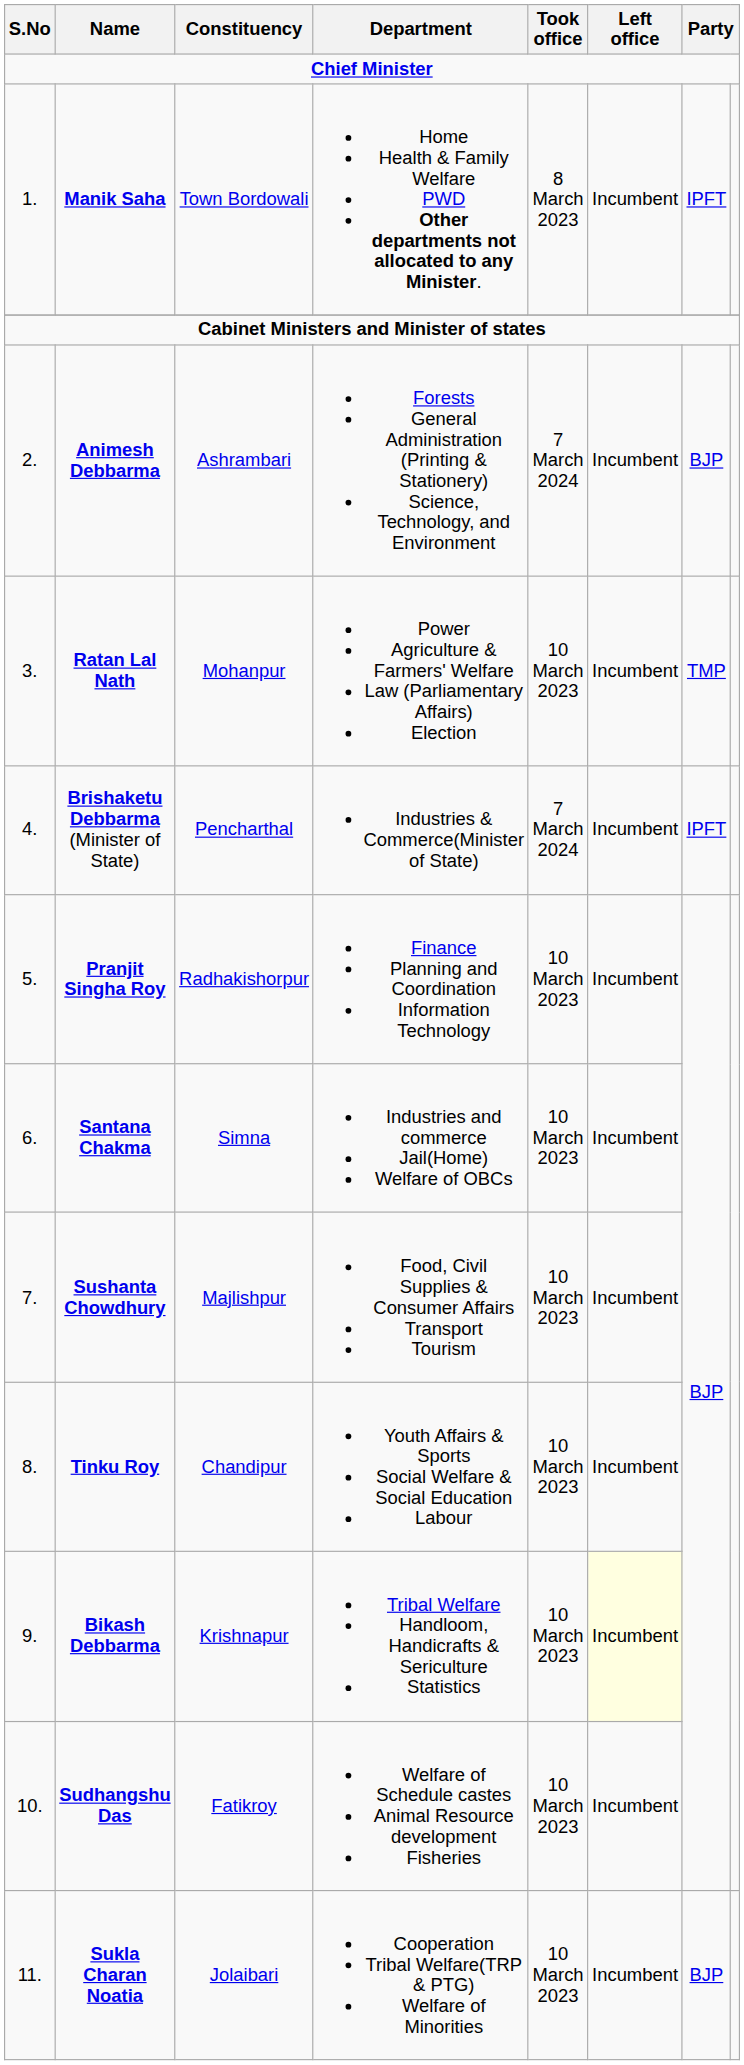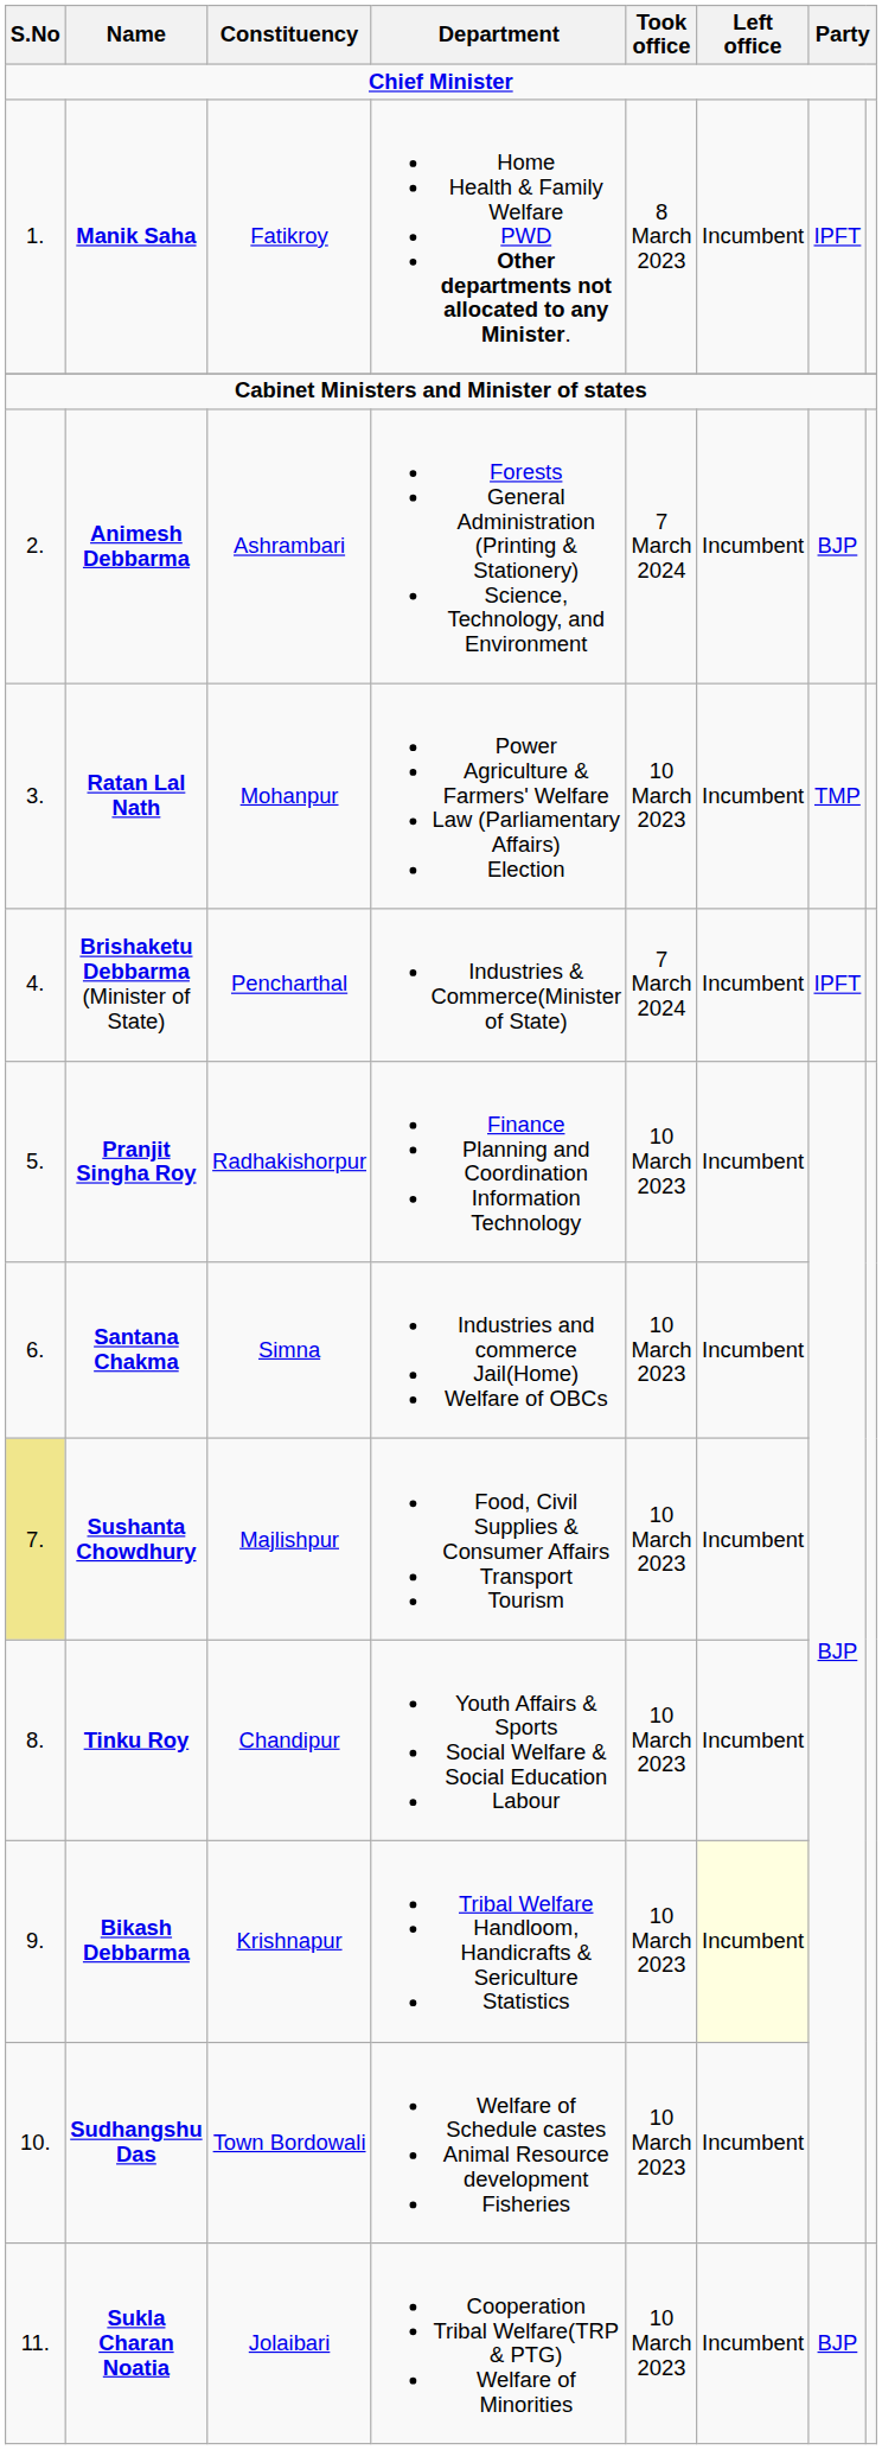 <table class="wikitable sortable" style="text-align:center;">
 <tr>
 <th>S.No</th>
 <th>Name</th>
 <th>Constituency</th>
 <th>Department</th>
 <th>Took office</th>
 <th>Left office</th>
 <th colspan="2" scope="col">Party</th>
 </tr>
 <tr>
 <td style="text-align: center;" colspan=8><strong><a href='#'>Chief Minister</a></strong></td>
 </tr>
 <tr>
 <td>1.</td>
 <td><strong><a href='#'>Manik Saha</a></strong></td>
-<td><a href='#'>Town Bordowali</a></td>
+<td><a href='#'>Fatikroy</a></td>
 <td><br><ul><li>Home</li><li>Health & Family Welfare</li><li><a href='#'>PWD</a></li><li><strong>Other departments not allocated to any Minister</strong>.</li></ul></td>
 <td>8 March 2023</td>
 <td>Incumbent</td>
 <td><a href='#'>IPFT</a></td>
 <td width="4px"></td>
 </tr>
 <tr>
 </tr>
 <tr>
 <td style="text-align: center;" colspan=8><strong>Cabinet Ministers and Minister of states</strong></td>
 </tr>
 <tr>
 <td>2.</td>
 <td><strong><a href='#'>Animesh Debbarma</a></strong></td>
 <td><a href='#'>Ashrambari</a></td>
 <td><br><ul><li><a href='#'>Forests</a></li><li>General Administration (Printing & Stationery)</li><li>Science, Technology, and Environment</li></ul></td>
 <td>7 March 2024</td>
 <td>Incumbent</td>
 <td><a href='#'>BJP</a></td>
 <td rowspan=1 width="4px"></td>
 </tr>
 <tr>
 <td>3.</td>
 <td><strong><a href='#'>Ratan Lal Nath</a></strong></td>
 <td><a href='#'>Mohanpur</a></td>
 <td><br><ul><li>Power</li><li>Agriculture & Farmers' Welfare</li><li>Law (Parliamentary Affairs)</li><li>Election</li></ul></td>
 <td>10 March 2023</td>
 <td>Incumbent</td>
 <td rowspan="1"><a href='#'>TMP</a></td>
 <td rowspan=1 width="4px"></td>
 </tr>
 <tr>
 <td>4.</td>
 <td><strong><a href='#'>Brishaketu Debbarma</a></strong><br>(Minister of State)</td>
 <td><a href='#'>Pencharthal</a></td>
 <td><br><ul><li>Industries & Commerce(Minister of State)</li></ul></td>
 <td>7 March 2024</td>
 <td>Incumbent</td>
 <td><a href='#'>IPFT</a></td>
 <td rowspan=1 width="4px"></td>
 </tr>
 <tr>
 <td>5.</td>
 <td><strong><a href='#'>Pranjit Singha Roy</a></strong></td>
 <td><a href='#'>Radhakishorpur</a></td>
 <td><br><ul><li><a href='#'>Finance</a></li><li>Planning and Coordination</li><li>Information Technology</li></ul></td>
 <td>10 March 2023</td>
 <td>Incumbent</td>
 <td rowspan=6><a href='#'>BJP</a></td>
 <td rowspan=6 width="4px"></td>
 </tr>
 <tr>
 <td>6.</td>
 <td><strong><a href='#'>Santana Chakma</a></strong></td>
 <td><a href='#'>Simna</a></td>
 <td><br><ul><li>Industries and commerce</li><li>Jail(Home)</li><li>Welfare of OBCs</li></ul></td>
 <td>10 March 2023</td>
 <td>Incumbent</td>
 </tr>
 <tr>
-<td>7.</td>
+<td style="background: khaki;">7.</td>
 <td><strong><a href='#'>Sushanta Chowdhury</a></strong></td>
 <td><a href='#'>Majlishpur</a></td>
 <td><br><ul><li>Food, Civil Supplies & Consumer Affairs</li><li>Transport</li><li>Tourism</li></ul></td>
 <td>10 March 2023</td>
 <td>Incumbent</td>
 </tr>
 <tr>
 <td>8.</td>
 <td><strong><a href='#'>Tinku Roy</a></strong></td>
 <td><a href='#'>Chandipur</a></td>
 <td><br><ul><li>Youth Affairs & Sports</li><li>Social Welfare & Social Education</li><li>Labour</li></ul></td>
 <td>10 March 2023</td>
 <td>Incumbent</td>
 </tr>
 <tr>
 <td>9.</td>
 <td><strong><a href='#'>Bikash Debbarma</a></strong></td>
 <td><a href='#'>Krishnapur</a></td>
 <td><br><ul><li><a href='#'>Tribal Welfare</a></li><li>Handloom, Handicrafts & Sericulture</li><li>Statistics</li></ul></td>
 <td>10 March 2023</td>
 <td style="background: lightyellow;">Incumbent</td>
 </tr>
 <tr>
 <td>10.</td>
 <td><strong><a href='#'>Sudhangshu Das</a></strong></td>
-<td><a href='#'>Fatikroy</a></td>
+<td><a href='#'>Town Bordowali</a></td>
 <td><br><ul><li>Welfare of Schedule castes</li><li>Animal Resource development</li><li>Fisheries</li></ul></td>
 <td>10 March 2023</td>
 <td>Incumbent</td>
 </tr>
 <tr>
 <td>11.</td>
 <td><strong><a href='#'>Sukla Charan Noatia</a></strong></td>
 <td><a href='#'>Jolaibari</a></td>
 <td><br><ul><li>Cooperation</li><li>Tribal Welfare(TRP & PTG)</li><li>Welfare of Minorities</li></ul></td>
 <td>10 March 2023</td>
 <td>Incumbent</td>
 <td><a href='#'>BJP</a></td>
 <td></td>
 </tr>
 </table>
